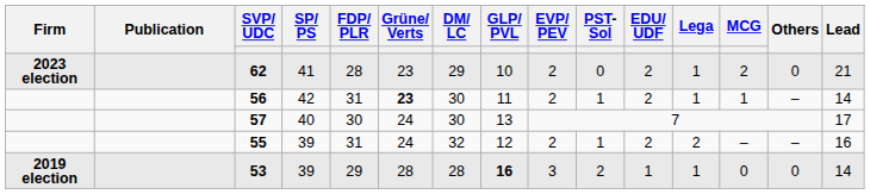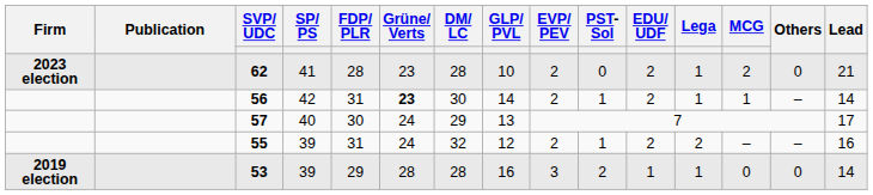 <table class="wikitable sortable" style="text-align:center;font-size:90%;line-height:14px;">
 <tr style="height:40px;">
 <th style="width:80px;" rowspan="2">Firm</th>
 <th style="width:130px;" rowspan="2">Publication</th>
 <th class="unsortable" style="width:40px;"><a href='#'>SVP/<br>UDC</a></th>
 <th class="unsortable" style="width:40px;"><a href='#'>SP/<br>PS</a></th>
 <th class="unsortable" style="width:40px;"><a href='#'>FDP/<br>PLR</a></th>
 <th class="unsortable" style="width:40px;"><a href='#'>Grüne/<br>Verts</a></th>
 <th class="unsortable" style="width:40px;"><a href='#'>DM/<br>LC</a></th>
 <th class="unsortable" style="width:40px;"><a href='#'>GLP/<br>PVL</a></th>
 <th class="unsortable" style="width:40px;"><a href='#'>EVP/<br>PEV</a></th>
 <th class="unsortable" style="width:40px;"><a href='#'>PST</a>-<a href='#'>Sol</a></th>
 <th class="unsortable" style="width:40px;"><a href='#'>EDU/<br>UDF</a></th>
 <th class="unsortable" style="width:40px;"><a href='#'>Lega</a></th>
 <th class="unsortable" style="width:40px;"><a href='#'>MCG</a></th>
 <th class="unsortable" style="width:30px;" rowspan="2">Others</th>
 <th style="width:30px;" rowspan="2">Lead</th>
 </tr>
 <tr>
 <th style="background:"></th>
 <th style="background:"></th>
 <th style="background:"></th>
 <th style="background:"></th>
 <th style="background:"></th>
 <th style="background:"></th>
 <th style="background:"></th>
 <th style="background:"></th>
 <th style="background:"></th>
 <th style="background:"></th>
 <th style="background:"></th>
 </tr>
 <tr style="background:#E9E9E9;">
 <td><strong>2023 election</strong></td>
 <td></td>
 <td style="background:#"><strong>62</strong></td>
 <td>41</td>
 <td>28</td>
 <td>23</td>
-<td>29</td>
+<td>28</td>
 <td>10</td>
 <td>2</td>
 <td>0</td>
 <td>2</td>
 <td>1</td>
 <td>2</td>
 <td>0</td>
 <td style="background:">21</td>
 </tr>
 <tr>
 <td></td>
 <td></td>
 <td style="background:#"><strong>56</strong></td>
 <td>42</td>
 <td>31</td>
 <td><strong>23</strong></td>
 <td>30</td>
-<td>11</td>
+<td>14</td>
 <td>2</td>
 <td>1</td>
 <td>2</td>
 <td>1</td>
 <td>1</td>
 <td>–</td>
 <td style="background:">14</td>
 </tr>
 <tr>
 <td></td>
 <td></td>
 <td style="background:#"><strong>57</strong></td>
 <td>40</td>
 <td>30</td>
 <td>24</td>
-<td>30</td>
+<td>29</td>
 <td>13</td>
 <td colspan=6>7</td>
 <td style="background:">17</td>
 </tr>
 <tr>
 <td></td>
 <td></td>
 <td style="background:#"><strong>55</strong></td>
 <td>39</td>
 <td>31</td>
 <td>24</td>
 <td>32</td>
 <td>12</td>
 <td>2</td>
 <td>1</td>
 <td>2</td>
 <td>2</td>
 <td>–</td>
 <td>–</td>
 <td style="background:">16</td>
 </tr>
 <tr style="background:#E9E9E9;">
 <td><strong>2019 election</strong></td>
 <td></td>
 <td style="background:#"><strong>53</strong></td>
 <td>39</td>
 <td>29</td>
 <td>28</td>
 <td>28</td>
-<td><strong>16</strong></td>
+<td>16</td>
 <td>3</td>
 <td>2</td>
 <td>1</td>
 <td>1</td>
 <td>0</td>
 <td>0</td>
 <td style="background:">14</td>
 </tr>
 </table>
